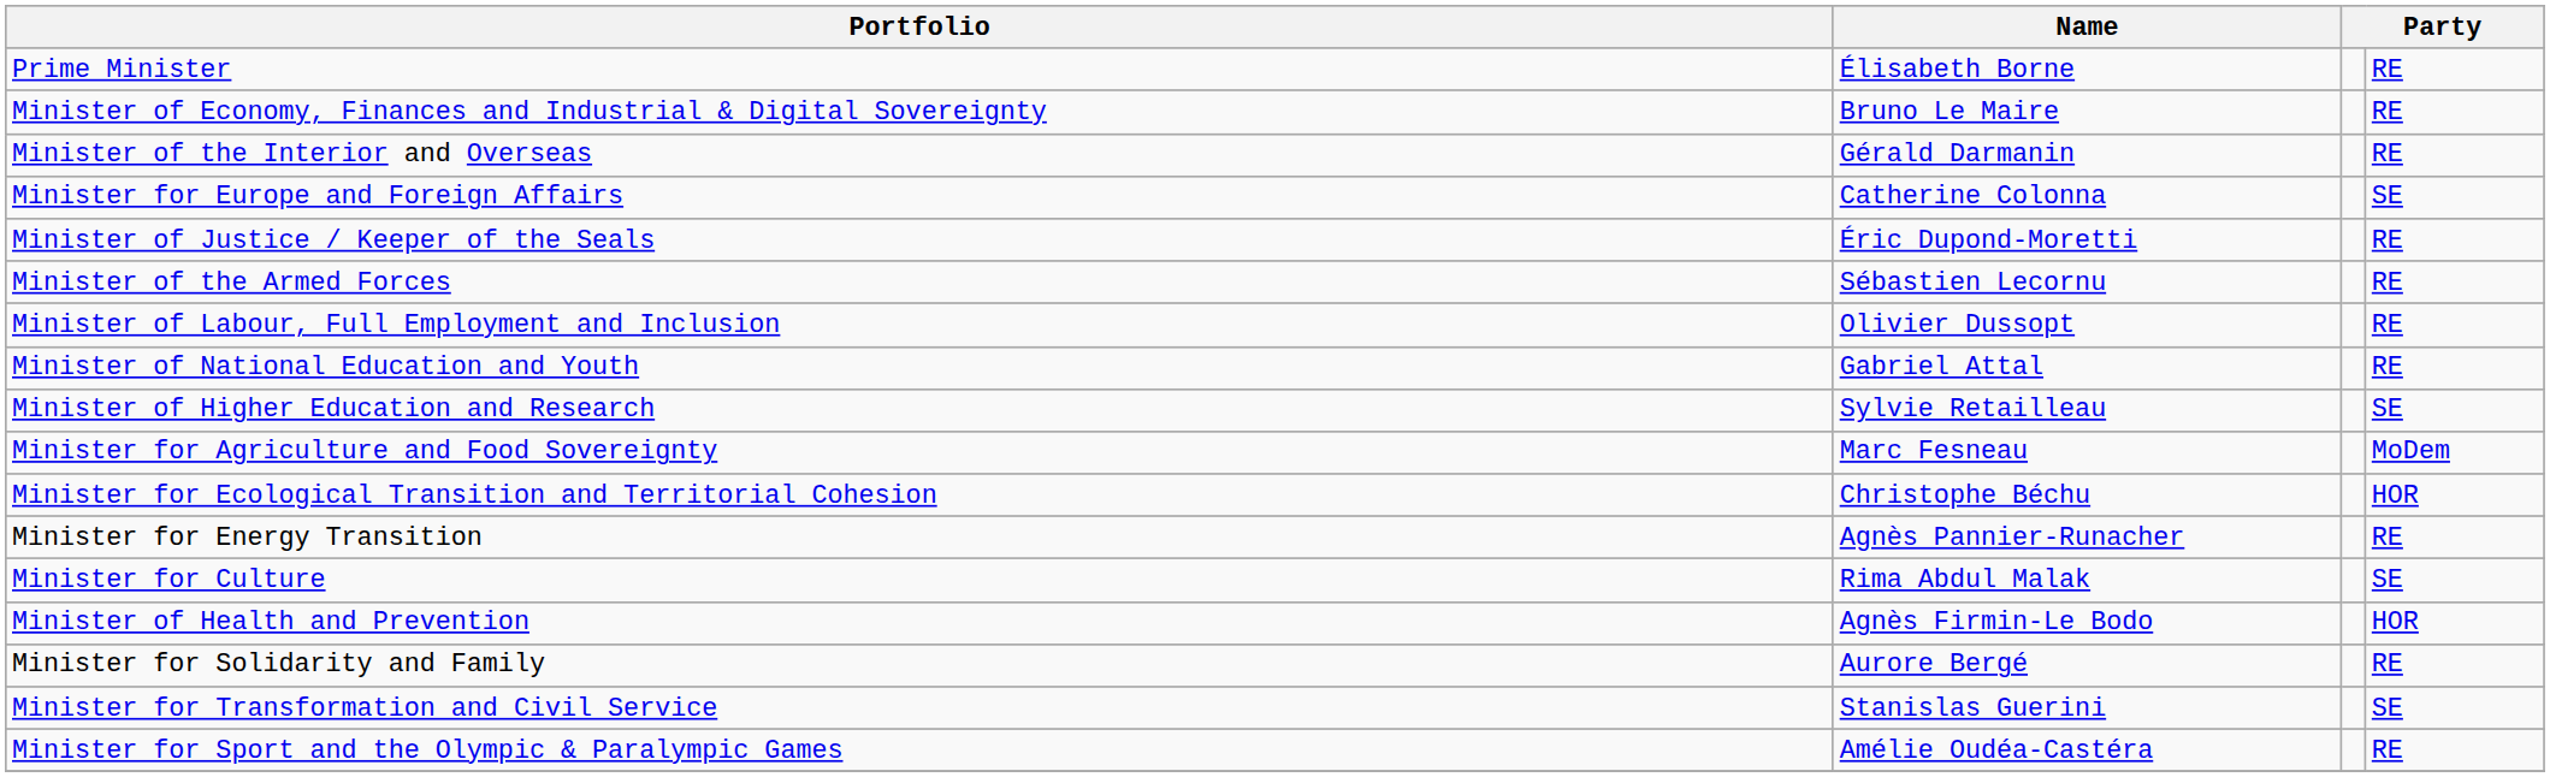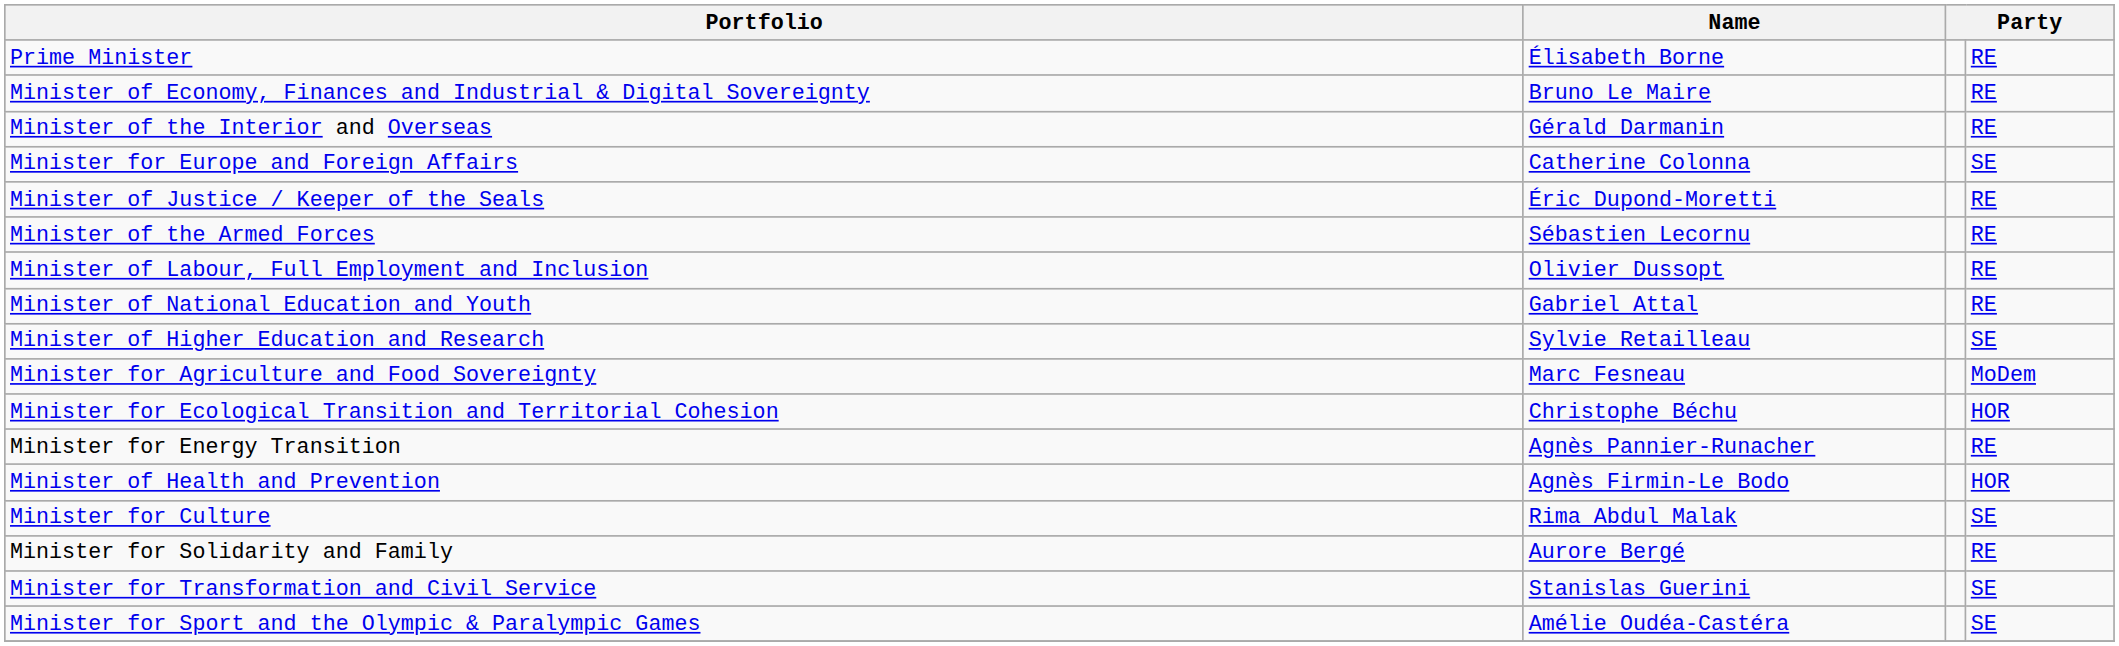 <table class="wikitable" style="width:100%">
 <tr>
 <th>Portfolio</th>
 <th style="width:20%">Name</th>
 <th colspan="2" style="width:8%">Party</th>
 </tr>
 <tr>
 <td><a href='#'>Prime Minister</a></td>
 <td><a href='#'>Élisabeth Borne</a></td>
 <td style="background:"></td>
 <td><a href='#'>RE</a></td>
 </tr>
 <tr>
 <td><a href='#'>Minister of Economy, Finances and Industrial & Digital Sovereignty</a></td>
 <td><a href='#'>Bruno Le Maire</a></td>
 <td style="background:"></td>
 <td><a href='#'>RE</a></td>
 </tr>
 <tr>
 <td><a href='#'>Minister of the Interior</a> and <a href='#'>Overseas</a></td>
 <td><a href='#'>Gérald Darmanin</a></td>
 <td style="background:"></td>
 <td><a href='#'>RE</a></td>
 </tr>
 <tr>
 <td><a href='#'>Minister for Europe and Foreign Affairs</a></td>
 <td><a href='#'>Catherine Colonna</a></td>
 <td style="background:"></td>
 <td><a href='#'>SE</a></td>
 </tr>
 <tr>
 <td><a href='#'>Minister of Justice / Keeper of the Seals</a></td>
 <td><a href='#'>Éric Dupond-Moretti</a></td>
 <td style="background:"></td>
 <td><a href='#'>RE</a></td>
 </tr>
 <tr>
 <td><a href='#'>Minister of the Armed Forces</a></td>
 <td><a href='#'>Sébastien Lecornu</a></td>
 <td style="background:"></td>
 <td><a href='#'>RE</a></td>
 </tr>
 <tr>
 <td><a href='#'>Minister of Labour, Full Employment and Inclusion</a></td>
 <td><a href='#'>Olivier Dussopt</a></td>
 <td style="background:"></td>
 <td><a href='#'>RE</a></td>
 </tr>
 <tr>
 <td><a href='#'>Minister of National Education and Youth</a></td>
 <td><a href='#'>Gabriel Attal</a></td>
 <td style="background:"></td>
 <td><a href='#'>RE</a></td>
 </tr>
 <tr>
 <td><a href='#'>Minister of Higher Education and Research</a></td>
 <td><a href='#'>Sylvie Retailleau</a></td>
 <td style="background:"></td>
 <td><a href='#'>SE</a></td>
 </tr>
 <tr>
 <td><a href='#'>Minister for Agriculture and Food Sovereignty</a></td>
 <td><a href='#'>Marc Fesneau</a></td>
 <td style=background:></td>
 <td><a href='#'>MoDem</a></td>
 </tr>
 <tr>
 <td><a href='#'>Minister for Ecological Transition and Territorial Cohesion</a></td>
 <td><a href='#'>Christophe Béchu</a></td>
 <td style="background:"></td>
 <td><a href='#'>HOR</a></td>
 </tr>
 <tr>
 <td>Minister for Energy Transition</td>
 <td><a href='#'>Agnès Pannier-Runacher</a></td>
 <td style="background:"></td>
 <td><a href='#'>RE</a></td>
 </tr>
 <tr>
+<td><a href='#'>Minister of Health and Prevention</a></td>
+<td><a href='#'>Agnès Firmin-Le Bodo</a></td>
+<td style="background:"></td>
+<td><a href='#'>HOR</a></td>
+</tr>
+<tr>
 <td><a href='#'>Minister for Culture</a></td>
 <td><a href='#'>Rima Abdul Malak</a></td>
 <td style="background:"></td>
 <td><a href='#'>SE</a></td>
-</tr>
-<tr>
-<td><a href='#'>Minister of Health and Prevention</a></td>
-<td><a href='#'>Agnès Firmin-Le Bodo</a></td>
-<td style="background:"></td>
-<td><a href='#'>HOR</a></td>
 </tr>
 <tr>
 <td>Minister for Solidarity and Family</td>
 <td><a href='#'>Aurore Bergé</a></td>
 <td style="background:"></td>
 <td><a href='#'>RE</a></td>
 </tr>
 <tr>
 <td><a href='#'>Minister for Transformation and Civil Service</a></td>
 <td><a href='#'>Stanislas Guerini</a></td>
 <td style="background:"></td>
 <td><a href='#'>SE</a></td>
 </tr>
 <tr>
 <td><a href='#'>Minister for Sport and the Olympic & Paralympic Games</a></td>
 <td><a href='#'>Amélie Oudéa-Castéra</a></td>
 <td style="background:"></td>
-<td><a href='#'>RE</a></td>
+<td><a href='#'>SE</a></td>
 </tr>
 <tr>
 </tr>
 </table>
